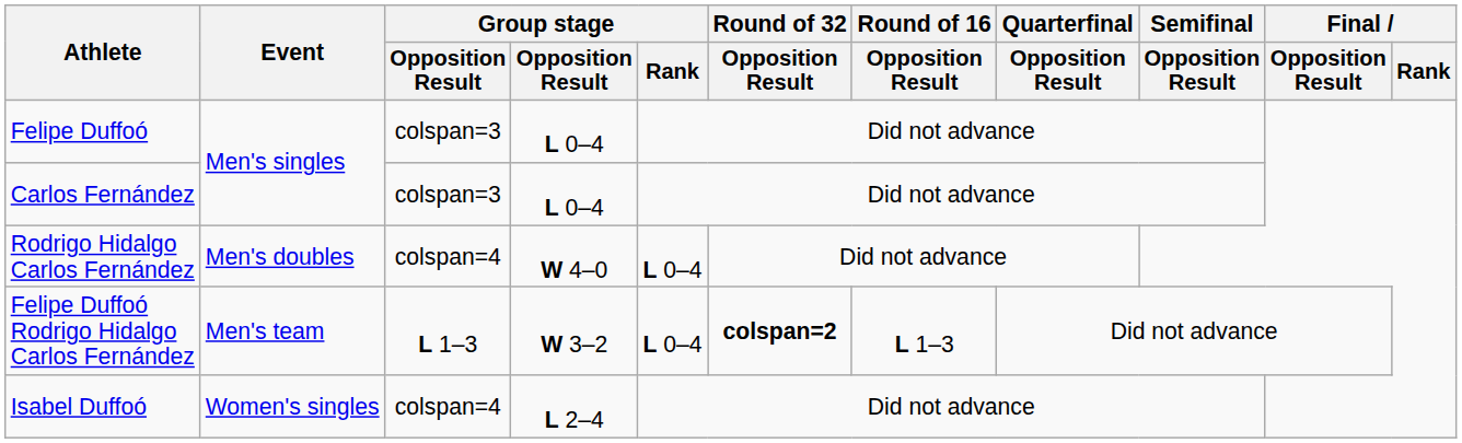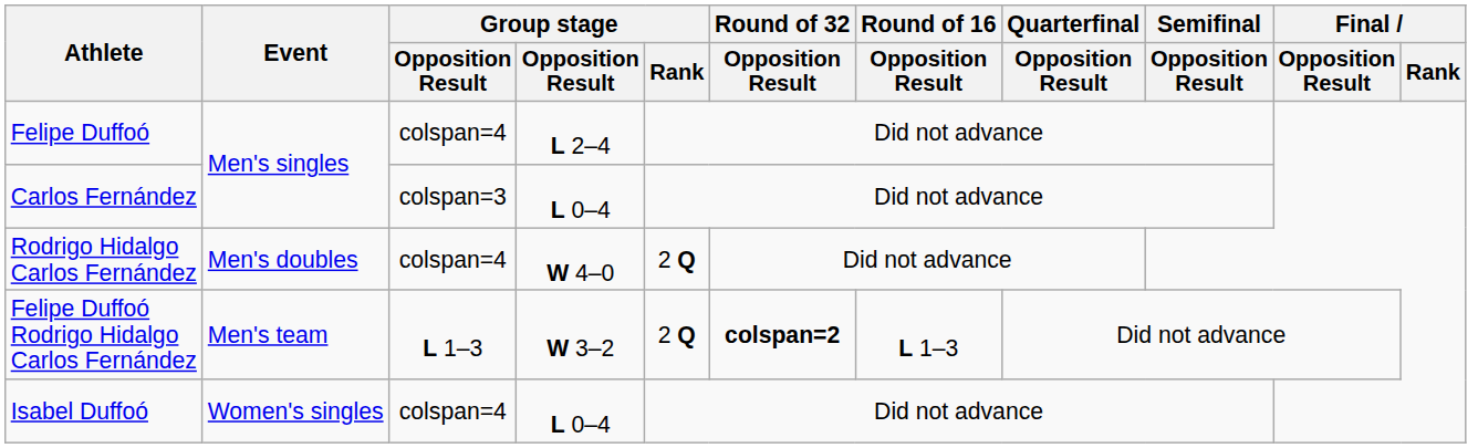 <table class=wikitable style=font-size:90%;text-align:center>
 <tr>
 <th rowspan=2>Athlete</th>
 <th rowspan=2>Event</th>
 <th colspan=3>Group stage</th>
 <th>Round of 32</th>
 <th>Round of 16</th>
 <th>Quarterfinal</th>
 <th>Semifinal</th>
 <th colspan=2>Final / </th>
 </tr>
 <tr style=font-size:95%>
 <th>Opposition<br>Result</th>
 <th>Opposition<br>Result</th>
 <th>Rank</th>
 <th>Opposition<br>Result</th>
 <th>Opposition<br>Result</th>
 <th>Opposition<br>Result</th>
 <th>Opposition<br>Result</th>
 <th>Opposition<br>Result</th>
 <th>Rank</th>
 </tr>
 <tr>
 <td align=left><a href='#'>Felipe Duffoó</a></td>
 <td align=left rowspan=2><a href='#'>Men's singles</a></td>
-<td>colspan=3 </td>
-<td><br><strong>L</strong> 0–4</td>
+<td>colspan=4 </td>
+<td><br><strong>L</strong> 2–4</td>
 <td colspan=5>Did not advance</td>
 </tr>
 <tr>
 <td align=left><a href='#'>Carlos Fernández</a></td>
 <td>colspan=3 </td>
 <td><br><strong>L</strong> 0–4</td>
 <td colspan=5>Did not advance</td>
 </tr>
 <tr>
 <td align=left><a href='#'>Rodrigo Hidalgo</a><br><a href='#'>Carlos Fernández</a></td>
 <td align=left><a href='#'>Men's doubles</a></td>
 <td>colspan=4 </td>
 <td><br><strong>W</strong> 4–0</td>
-<td><br><strong>L</strong> 0–4</td>
+<td>2 <strong>Q</strong></td>
 <td colspan=3>Did not advance</td>
 </tr>
 <tr>
 <td align=left><a href='#'>Felipe Duffoó</a><br><a href='#'>Rodrigo Hidalgo</a><br><a href='#'>Carlos Fernández</a></td>
 <td align=left><a href='#'>Men's team</a></td>
 <td><br><strong>L</strong> 1–3</td>
 <td><br><strong>W</strong> 3–2</td>
-<td><br><strong>L</strong> 0–4</td>
+<td>2 <strong>Q</strong></td>
 <td><strong>colspan=2 </strong></td>
 <td><br><strong>L</strong> 1–3</td>
 <td colspan=3>Did not advance</td>
 </tr>
 <tr>
 <td align=left><a href='#'>Isabel Duffoó</a></td>
 <td align=left><a href='#'>Women's singles</a></td>
 <td>colspan=4 </td>
-<td><br><strong>L</strong> 2–4</td>
+<td><br><strong>L</strong> 0–4</td>
 <td colspan=5>Did not advance</td>
 </tr>
 </table>
